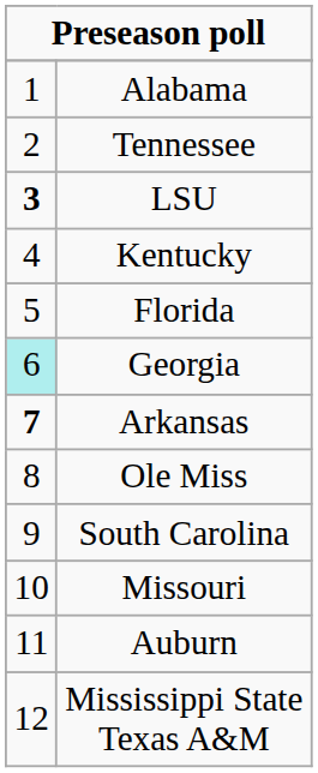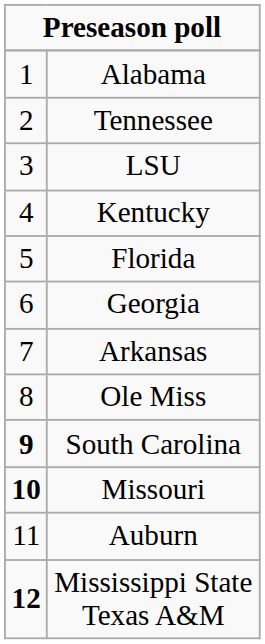 <table class="wikitable">
 <tr align="center">
 <td align="center" Colspan="3"><strong>Preseason poll</strong></td>
 </tr>
 <tr align="center">
 </tr>
 <tr align="center">
 <td>1</td>
 <td>Alabama</td>
 </tr>
 <tr align="center">
 <td>2</td>
 <td>Tennessee</td>
 </tr>
 <tr align="center">
-<td><strong>3</strong></td>
+<td>3</td>
 <td>LSU</td>
 </tr>
 <tr align="center">
 <td>4</td>
 <td>Kentucky</td>
 </tr>
 <tr align="center">
 <td>5</td>
 <td>Florida</td>
 </tr>
 <tr align="center">
-<td style="background: paleturquoise;">6</td>
+<td>6</td>
 <td>Georgia</td>
 </tr>
 <tr align="center">
-<td><strong>7</strong></td>
+<td>7</td>
 <td>Arkansas</td>
 </tr>
 <tr align="center">
 <td>8</td>
 <td>Ole Miss</td>
 </tr>
 <tr align="center">
-<td>9</td>
+<td><strong>9</strong></td>
 <td>South Carolina</td>
 </tr>
 <tr align="center">
-<td>10</td>
+<td><strong>10</strong></td>
 <td>Missouri</td>
 </tr>
 <tr align="center">
 <td>11</td>
 <td>Auburn</td>
 </tr>
 <tr align="center">
-<td>12</td>
+<td><strong>12</strong></td>
 <td>Mississippi State<br>Texas A&M</td>
 </tr>
 </table>
